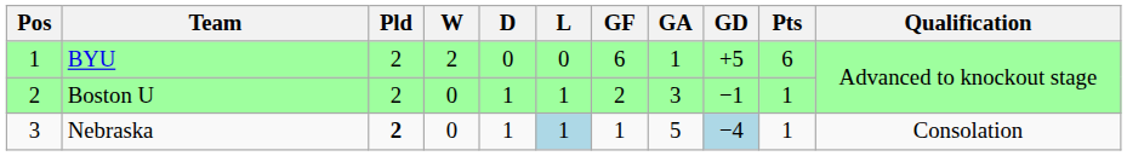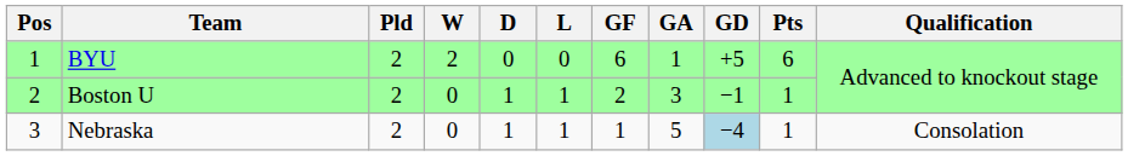 <table class="wikitable" style="text-align:center; margin: 1em auto">
 <tr>
 <th style="width:2em">Pos</th>
 <th style="width:13em">Team</th>
 <th style="width:2em">Pld</th>
 <th style="width:2em">W</th>
 <th style="width:2em">D</th>
 <th style="width:2em">L</th>
 <th style="width:2em">GF</th>
 <th style="width:2em">GA</th>
 <th style="width:2em">GD</th>
 <th style="width:2em">Pts</th>
 <th style="width:13em">Qualification</th>
 </tr>
 <tr bgcolor="#9eff9e">
 <td>1</td>
 <td style="text-align:left"><a href='#'>BYU</a></td>
 <td>2</td>
 <td>2</td>
 <td>0</td>
 <td>0</td>
 <td>6</td>
 <td>1</td>
 <td>+5</td>
 <td>6</td>
 <td rowspan="2">Advanced to knockout stage</td>
 </tr>
 <tr bgcolor="#9eff9e">
 <td>2</td>
 <td style="text-align:left">Boston U</td>
 <td>2</td>
 <td>0</td>
 <td>1</td>
 <td>1</td>
 <td>2</td>
 <td>3</td>
 <td>−1</td>
 <td>1</td>
 </tr>
 <tr>
 <td>3</td>
 <td style="text-align:left">Nebraska</td>
-<td><strong>2</strong></td>
+<td>2</td>
 <td>0</td>
 <td>1</td>
-<td style="background: lightblue;">1</td>
+<td>1</td>
 <td>1</td>
 <td>5</td>
 <td style="background: lightblue;">−4</td>
 <td>1</td>
 <td>Consolation</td>
 </tr>
 </table>
